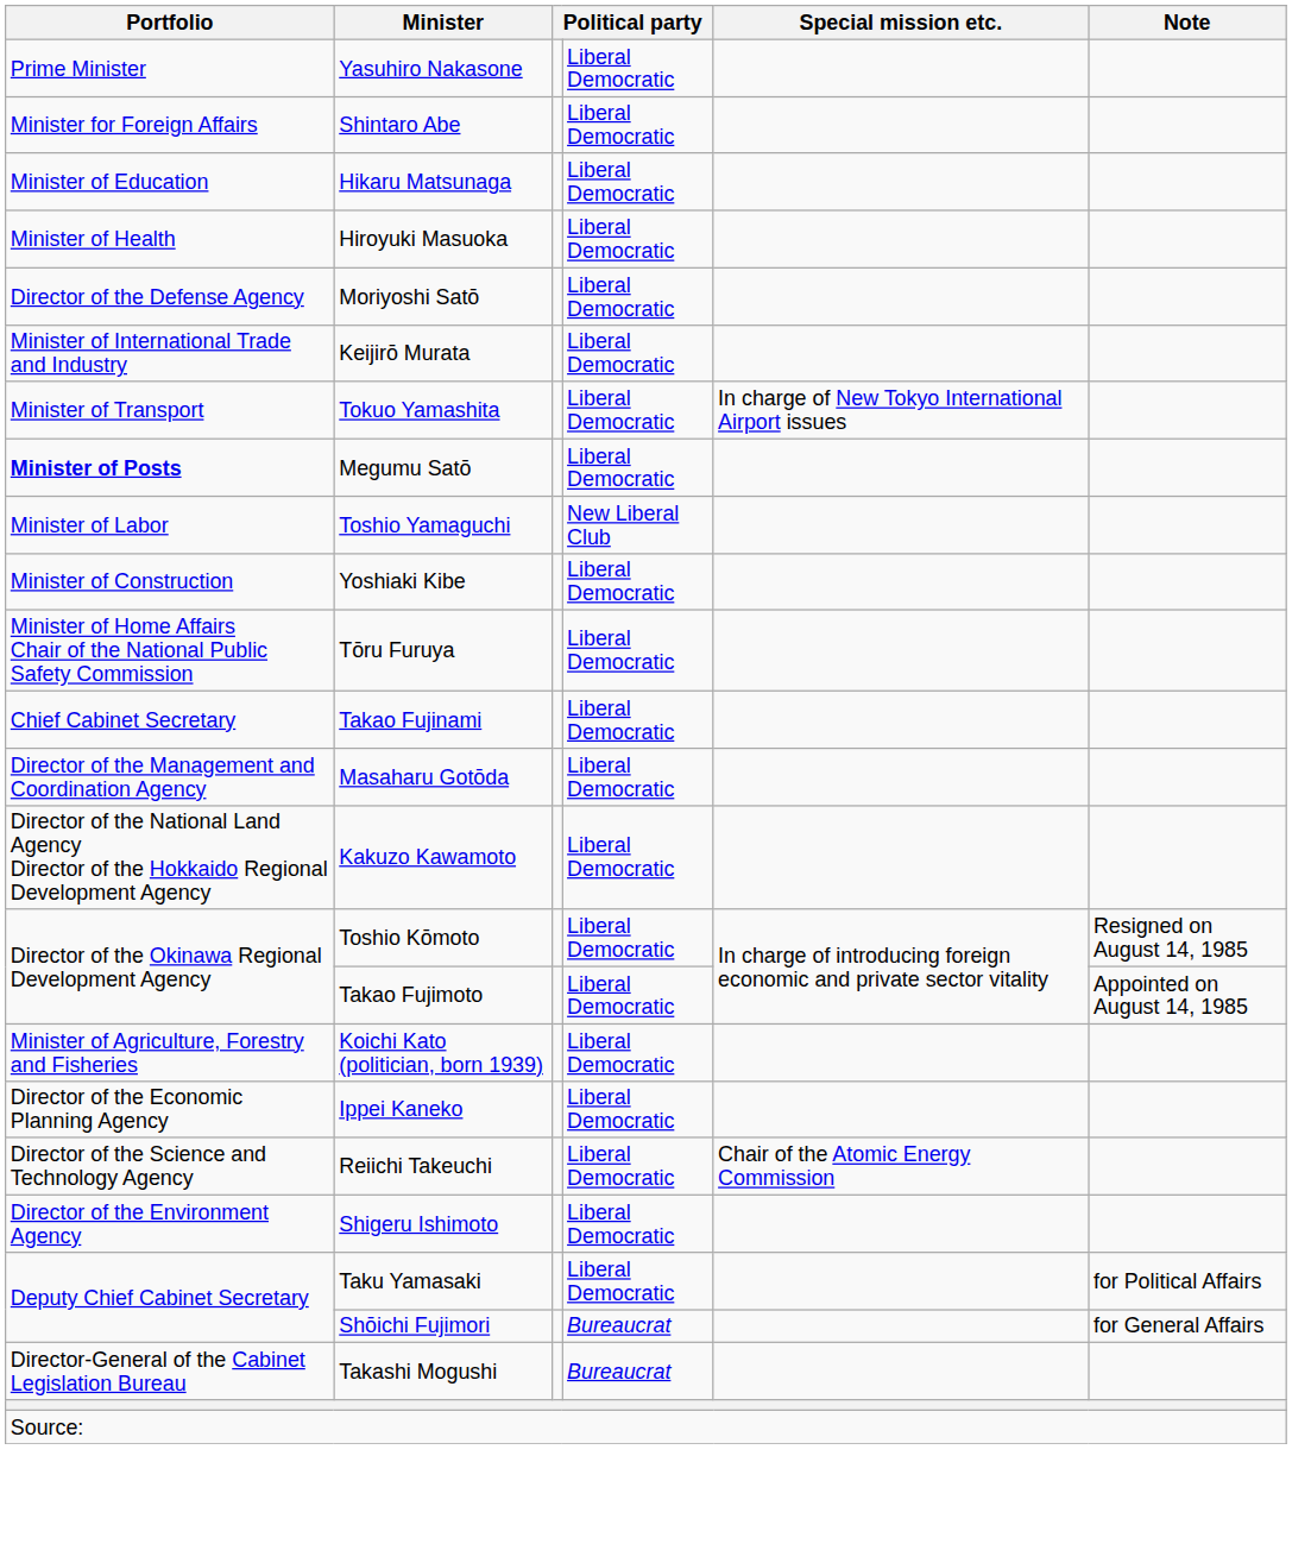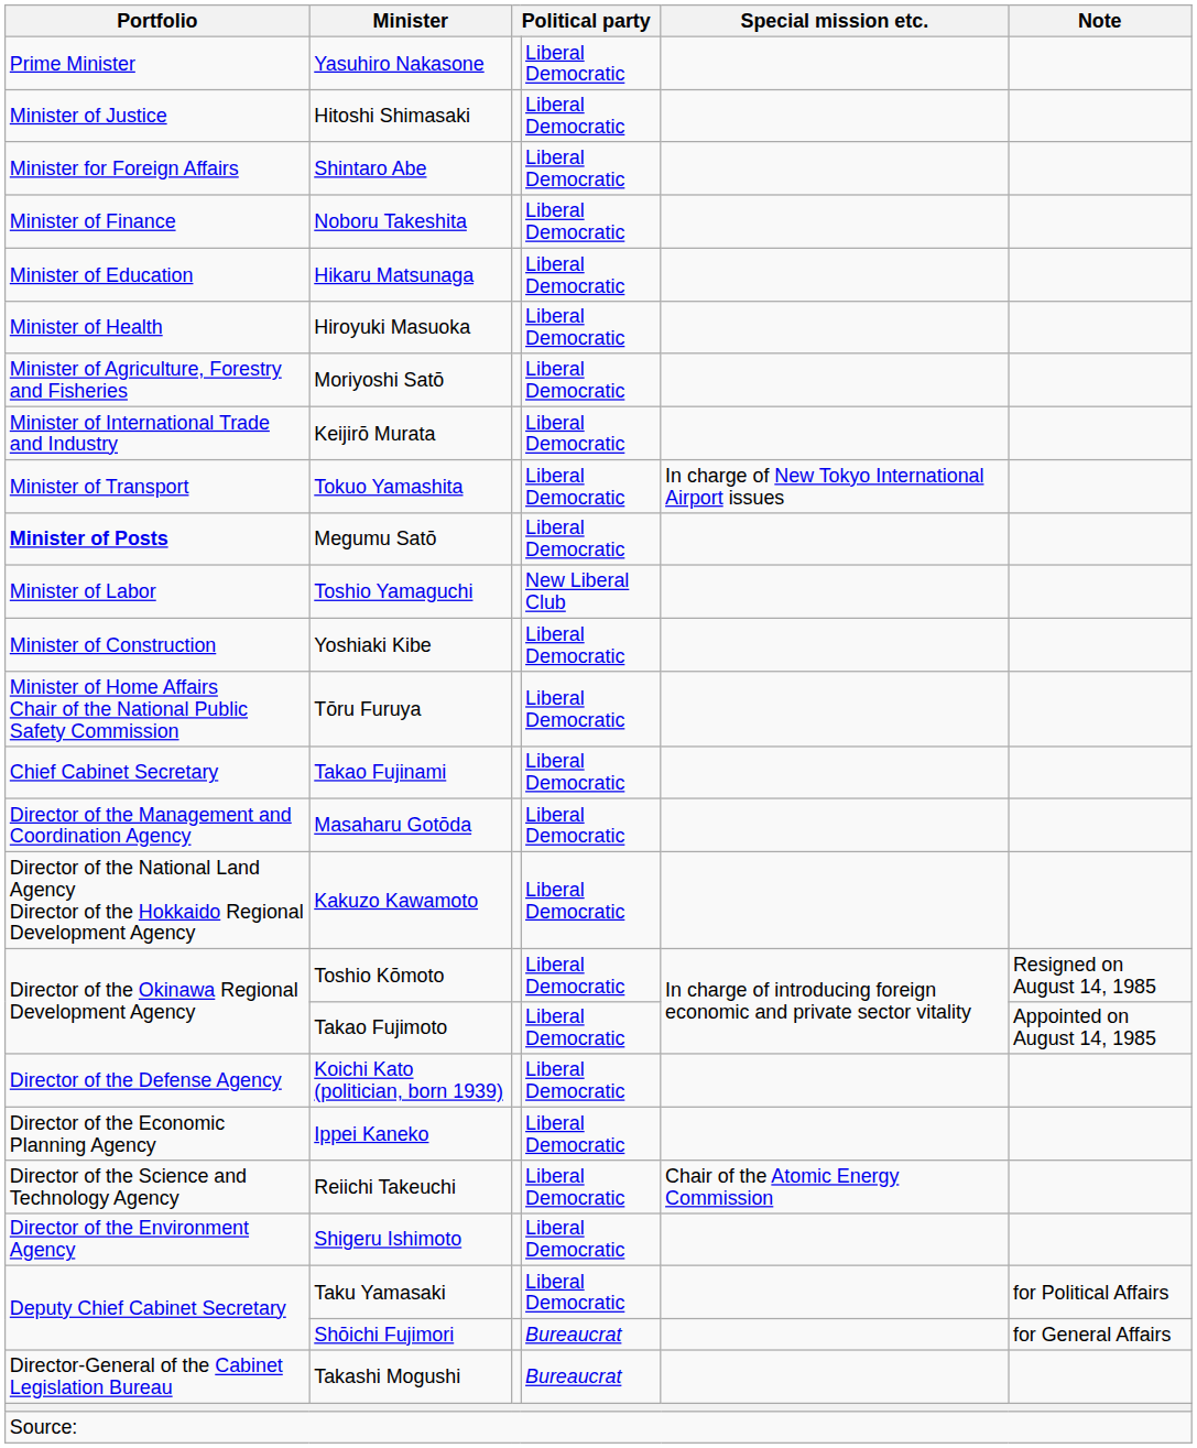 <table class="wikitable unsortable" style="font-size: 90%;">
 <tr>
 <th scope="col">Portfolio</th>
 <th scope="col">Minister</th>
 <th colspan=2 scope="col">Political party</th>
 <th scope="col">Special mission etc.</th>
 <th scope="col">Note</th>
 </tr>
 <tr>
 <td><a href='#'>Prime Minister</a></td>
 <td><a href='#'>Yasuhiro Nakasone</a></td>
 <td width="0.5%" style="background:"></td>
 <td><a href='#'>Liberal Democratic</a></td>
 <td></td>
 <td></td>
 </tr>
 <tr>
+<td><a href='#'>Minister of Justice</a></td>
+<td>Hitoshi Shimasaki</td>
+<td width="0.5%" style="background:"></td>
+<td><a href='#'>Liberal Democratic</a></td>
+<td></td>
+<td></td>
+</tr>
+<tr>
 <td><a href='#'>Minister for Foreign Affairs</a></td>
 <td><a href='#'>Shintaro Abe</a></td>
+<td width="0.5%" style="background:"></td>
+<td><a href='#'>Liberal Democratic</a></td>
+<td></td>
+<td></td>
+</tr>
+<tr>
+<td><a href='#'>Minister of Finance</a></td>
+<td><a href='#'>Noboru Takeshita</a></td>
 <td width="0.5%" style="background:"></td>
 <td><a href='#'>Liberal Democratic</a></td>
 <td></td>
 <td></td>
 </tr>
 <tr>
 <td><a href='#'>Minister of Education</a></td>
 <td><a href='#'>Hikaru Matsunaga</a></td>
 <td width="0.5%" style="background:"></td>
 <td><a href='#'>Liberal Democratic</a></td>
 <td></td>
 <td></td>
 </tr>
 <tr>
 <td><a href='#'>Minister of Health</a></td>
 <td>Hiroyuki Masuoka</td>
 <td width="0.5%" style="background:"></td>
 <td><a href='#'>Liberal Democratic</a></td>
 <td></td>
 <td></td>
 </tr>
 <tr>
-<td><a href='#'>Director of the Defense Agency</a></td>
+<td><a href='#'>Minister of Agriculture, Forestry and Fisheries</a></td>
 <td>Moriyoshi Satō</td>
 <td width="0.5%" style="background:"></td>
 <td><a href='#'>Liberal Democratic</a></td>
 <td></td>
 <td></td>
 </tr>
 <tr>
 <td><a href='#'>Minister of International Trade and Industry</a></td>
 <td>Keijirō Murata</td>
 <td width="0.5%" style="background:"></td>
 <td><a href='#'>Liberal Democratic</a></td>
 <td></td>
 <td></td>
 </tr>
 <tr>
 <td><a href='#'>Minister of Transport</a></td>
 <td><a href='#'>Tokuo Yamashita</a></td>
 <td width="0.5%" style="background:"></td>
 <td><a href='#'>Liberal Democratic</a></td>
 <td>In charge of <a href='#'>New Tokyo International Airport</a> issues</td>
 <td></td>
 </tr>
 <tr>
 <td><strong><a href='#'>Minister of Posts</a></strong></td>
 <td>Megumu Satō</td>
 <td width="0.5%" style="background:"></td>
 <td><a href='#'>Liberal Democratic</a></td>
 <td></td>
 <td></td>
 </tr>
 <tr>
 <td><a href='#'>Minister of Labor</a></td>
 <td><a href='#'>Toshio Yamaguchi</a></td>
 <td width="0.5%" style="background:"></td>
 <td><a href='#'>New Liberal Club</a></td>
 <td></td>
 <td></td>
 </tr>
 <tr>
 <td><a href='#'>Minister of Construction</a></td>
 <td>Yoshiaki Kibe</td>
 <td width="0.5%" style="background:"></td>
 <td><a href='#'>Liberal Democratic</a></td>
 <td></td>
 <td></td>
 </tr>
 <tr>
 <td><a href='#'>Minister of Home Affairs</a><br><a href='#'>Chair of the National Public Safety Commission</a></td>
 <td>Tōru Furuya</td>
 <td width="0.5%" style="background:"></td>
 <td><a href='#'>Liberal Democratic</a></td>
 <td></td>
 <td></td>
 </tr>
 <tr>
 <td><a href='#'>Chief Cabinet Secretary</a></td>
 <td><a href='#'>Takao Fujinami</a></td>
 <td width="0.5%" style="background:"></td>
 <td><a href='#'>Liberal Democratic</a></td>
 <td></td>
 <td></td>
 </tr>
 <tr>
 <td><a href='#'>Director of the Management and Coordination Agency</a></td>
 <td><a href='#'>Masaharu Gotōda</a></td>
 <td width="0.5%" style="background:"></td>
 <td><a href='#'>Liberal Democratic</a></td>
 <td></td>
 <td></td>
 </tr>
 <tr>
 <td>Director of the National Land Agency<br>Director of the <a href='#'>Hokkaido</a> Regional Development Agency</td>
 <td><a href='#'>Kakuzo Kawamoto</a></td>
 <td width="0.5%" style="background:"></td>
 <td><a href='#'>Liberal Democratic</a></td>
 <td></td>
 <td></td>
 </tr>
 <tr>
 <td rowspan=2>Director of the <a href='#'>Okinawa</a> Regional Development Agency</td>
 <td>Toshio Kōmoto</td>
 <td width="0.5%" style="background:"></td>
 <td><a href='#'>Liberal Democratic</a></td>
 <td rowspan=2>In charge of introducing foreign economic and private sector vitality</td>
 <td>Resigned on August 14, 1985</td>
 </tr>
 <tr>
 <td>Takao Fujimoto</td>
 <td width="0.5%" style="background:"></td>
 <td><a href='#'>Liberal Democratic</a></td>
 <td>Appointed on August 14, 1985</td>
 </tr>
 <tr>
-<td><a href='#'>Minister of Agriculture, Forestry and Fisheries</a></td>
+<td><a href='#'>Director of the Defense Agency</a></td>
 <td><a href='#'>Koichi Kato (politician, born 1939)</a></td>
 <td width="0.5%" style="background:"></td>
 <td><a href='#'>Liberal Democratic</a></td>
 <td></td>
 <td></td>
 </tr>
 <tr>
 <td>Director of the Economic Planning Agency</td>
 <td><a href='#'>Ippei Kaneko</a></td>
 <td width="0.5%" style="background:"></td>
 <td><a href='#'>Liberal Democratic</a></td>
 <td></td>
 <td></td>
 </tr>
 <tr>
 <td>Director of the Science and Technology Agency</td>
 <td>Reiichi Takeuchi</td>
 <td width="0.5%" style="background:"></td>
 <td><a href='#'>Liberal Democratic</a></td>
 <td>Chair of the <a href='#'>Atomic Energy Commission</a></td>
 <td></td>
 </tr>
 <tr>
 <td><a href='#'>Director of the Environment Agency</a></td>
 <td><a href='#'>Shigeru Ishimoto</a></td>
 <td width="0.5%" style="background:"></td>
 <td><a href='#'>Liberal Democratic</a></td>
 <td></td>
 <td></td>
 </tr>
 <tr>
 <td rowspan=2><a href='#'>Deputy Chief Cabinet Secretary</a></td>
 <td>Taku Yamasaki</td>
 <td width="0.5%" style="background:"></td>
 <td><a href='#'>Liberal Democratic</a></td>
 <td></td>
 <td>for Political Affairs</td>
 </tr>
 <tr>
 <td><a href='#'>Shōichi Fujimori</a></td>
 <td width="0.5%" style="background:"></td>
 <td><em><a href='#'>Bureaucrat</a></em></td>
 <td></td>
 <td>for General Affairs</td>
 </tr>
 <tr>
 <td>Director-General of the <a href='#'>Cabinet Legislation Bureau</a></td>
 <td>Takashi Mogushi</td>
 <td width="0.5%" style="background:"></td>
 <td><em><a href='#'>Bureaucrat</a></em></td>
 <td></td>
 <td></td>
 </tr>
 <tr>
 <th colspan="6"></th>
 </tr>
 <tr>
 <td colspan="6">Source:</td>
 </tr>
 </table>
